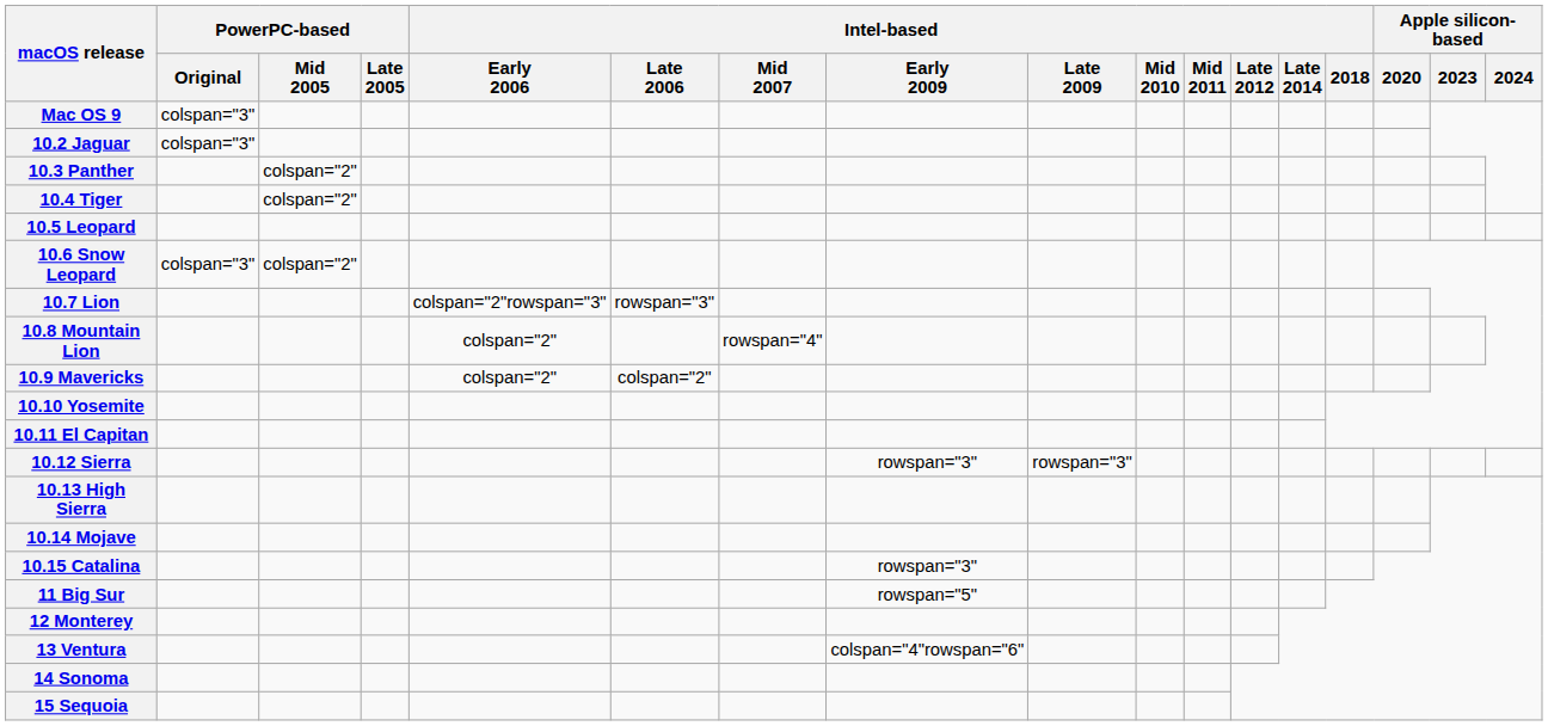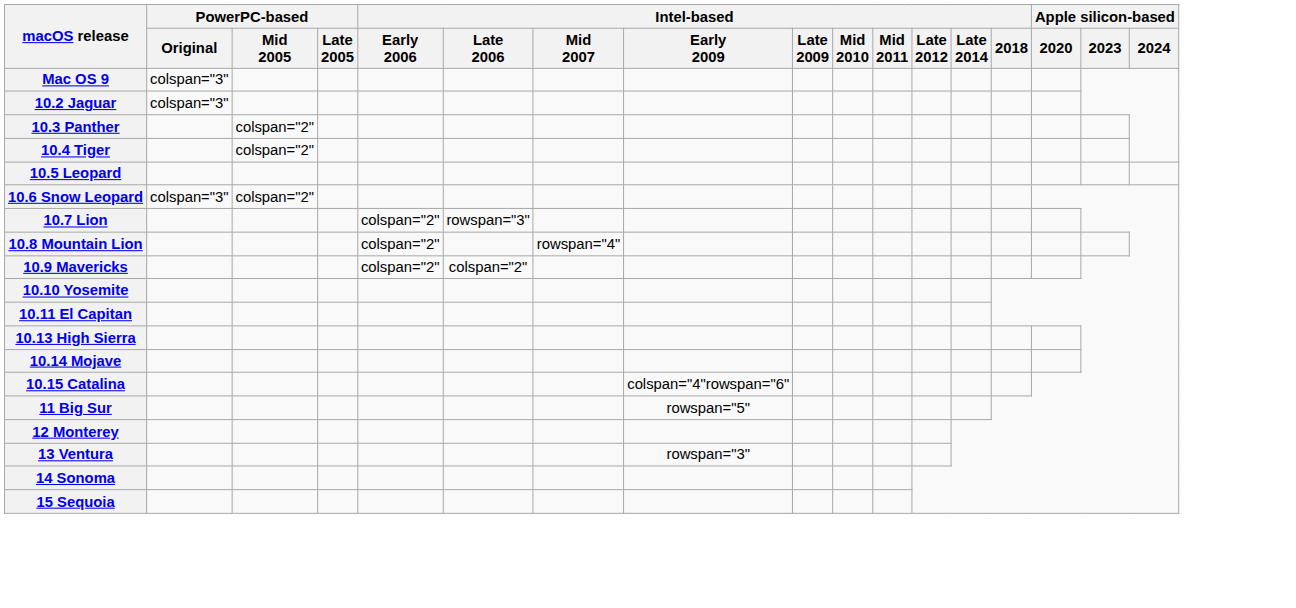 <table class="wikitable sortable sticky-header-multi" style="font-size:90%; text-align:center">
 <tr>
 <th rowspan="2" class="unsortable"><a href='#'>macOS</a> release</th>
 <th colspan="3">PowerPC-based</th>
 <th colspan="10">Intel-based</th>
 <th colspan="3">Apple silicon-based</th>
 </tr>
 <tr>
 <th class="unsortable">Original</th>
 <th class="unsortable">Mid<br>2005</th>
 <th class="unsortable">Late<br>2005</th>
 <th class="unsortable">Early<br>2006</th>
 <th class="unsortable">Late<br>2006</th>
 <th class="unsortable">Mid<br>2007</th>
 <th class="unsortable">Early<br>2009</th>
 <th class="unsortable">Late<br>2009</th>
 <th class="unsortable">Mid<br>2010</th>
 <th class="unsortable">Mid<br>2011</th>
 <th class="unsortable">Late<br>2012</th>
 <th class="unsortable">Late<br>2014</th>
 <th class="unsortable">2018</th>
 <th class="unsortable">2020</th>
 <th class="unsortable">2023</th>
 <th class="unsortable">2024</th>
 </tr>
 <tr>
 <th><a href='#'>Mac OS 9</a></th>
 <td>colspan="3"</td>
 <td></td>
 <td></td>
 <td></td>
 <td></td>
 <td></td>
 <td></td>
 <td></td>
 <td></td>
 <td></td>
 <td></td>
 <td></td>
 <td></td>
 <td></td>
 </tr>
 <tr>
 <th><a href='#'>10.2 Jaguar</a></th>
 <td>colspan="3"</td>
 <td></td>
 <td></td>
 <td></td>
 <td></td>
 <td></td>
 <td></td>
 <td></td>
 <td></td>
 <td></td>
 <td></td>
 <td></td>
 <td></td>
 <td></td>
 </tr>
 <tr>
 <th><a href='#'>10.3 Panther</a></th>
 <td></td>
 <td>colspan="2"</td>
 <td></td>
 <td></td>
 <td></td>
 <td></td>
 <td></td>
 <td></td>
 <td></td>
 <td></td>
 <td></td>
 <td></td>
 <td></td>
 <td></td>
 <td></td>
 </tr>
 <tr>
 <th><a href='#'>10.4 Tiger</a></th>
 <td></td>
 <td>colspan="2"</td>
 <td></td>
 <td></td>
 <td></td>
 <td></td>
 <td></td>
 <td></td>
 <td></td>
 <td></td>
 <td></td>
 <td></td>
 <td></td>
 <td></td>
 <td></td>
 </tr>
 <tr>
 <th><a href='#'>10.5 Leopard</a></th>
 <td></td>
 <td></td>
 <td></td>
 <td></td>
 <td></td>
 <td></td>
 <td></td>
 <td></td>
 <td></td>
 <td></td>
 <td></td>
 <td></td>
 <td></td>
 <td></td>
 <td></td>
 <td></td>
 </tr>
 <tr>
 <th><a href='#'>10.6 Snow Leopard</a></th>
 <td>colspan="3"</td>
 <td>colspan="2"</td>
 <td></td>
 <td></td>
 <td></td>
 <td></td>
 <td></td>
 <td></td>
 <td></td>
 <td></td>
 <td></td>
 <td></td>
 <td></td>
 </tr>
 <tr>
 <th><a href='#'>10.7 Lion</a></th>
 <td></td>
 <td></td>
 <td></td>
-<td>colspan="2"rowspan="3"</td>
+<td>colspan="2"</td>
 <td>rowspan="3"</td>
 <td></td>
 <td></td>
 <td></td>
 <td></td>
 <td></td>
 <td></td>
 <td></td>
 <td></td>
 <td></td>
 </tr>
 <tr>
 <th><a href='#'>10.8 Mountain Lion</a></th>
 <td></td>
 <td></td>
 <td></td>
 <td>colspan="2"</td>
 <td></td>
 <td>rowspan="4"</td>
 <td></td>
 <td></td>
 <td></td>
 <td></td>
 <td></td>
 <td></td>
 <td></td>
 <td></td>
 <td></td>
 </tr>
 <tr>
 <th><a href='#'>10.9 Mavericks</a></th>
 <td></td>
 <td></td>
 <td></td>
 <td>colspan="2"</td>
 <td>colspan="2" </td>
 <td></td>
 <td></td>
 <td></td>
 <td></td>
 <td></td>
 <td></td>
 <td></td>
 <td></td>
 <td></td>
 </tr>
 <tr>
 <th><a href='#'>10.10 Yosemite</a></th>
 <td></td>
 <td></td>
 <td></td>
 <td></td>
 <td></td>
 <td></td>
 <td></td>
 <td></td>
 <td></td>
 <td></td>
 <td></td>
 <td></td>
 </tr>
 <tr>
 <th><a href='#'>10.11 El Capitan</a></th>
 <td></td>
 <td></td>
 <td></td>
 <td></td>
 <td></td>
 <td></td>
 <td></td>
 <td></td>
 <td></td>
 <td></td>
 <td></td>
 <td></td>
 </tr>
 <tr>
-<th><a href='#'>10.12 Sierra</a></th>
-<td></td>
-<td></td>
-<td></td>
-<td></td>
-<td></td>
-<td></td>
-<td>rowspan="3"</td>
-<td>rowspan="3"</td>
-<td></td>
-<td></td>
-<td></td>
-<td></td>
-<td></td>
-<td></td>
-<td></td>
-<td></td>
-</tr>
-<tr>
 <th><a href='#'>10.13 High Sierra</a></th>
 <td></td>
 <td></td>
 <td></td>
 <td></td>
 <td></td>
 <td></td>
 <td></td>
 <td></td>
 <td></td>
 <td></td>
 <td></td>
 <td></td>
 <td></td>
 <td></td>
 </tr>
 <tr>
 <th><a href='#'>10.14 Mojave</a></th>
 <td></td>
 <td></td>
 <td></td>
 <td></td>
 <td></td>
 <td></td>
 <td></td>
 <td></td>
 <td></td>
 <td></td>
 <td></td>
 <td></td>
 <td></td>
 <td></td>
 </tr>
 <tr>
 <th><a href='#'>10.15 Catalina</a></th>
 <td></td>
 <td></td>
 <td></td>
 <td></td>
 <td></td>
 <td></td>
-<td>rowspan="3" </td>
+<td>colspan="4"rowspan="6"</td>
 <td></td>
 <td></td>
 <td></td>
 <td></td>
 <td></td>
 <td></td>
 </tr>
 <tr>
 <th><a href='#'>11 Big Sur</a></th>
 <td></td>
 <td></td>
 <td></td>
 <td></td>
 <td></td>
 <td></td>
 <td>rowspan="5"</td>
 <td></td>
 <td></td>
 <td></td>
 <td></td>
 <td></td>
 </tr>
 <tr>
 <th><a href='#'>12 Monterey</a></th>
 <td></td>
 <td></td>
 <td></td>
 <td></td>
 <td></td>
 <td></td>
 <td></td>
 <td></td>
 <td></td>
 <td></td>
 <td></td>
 </tr>
 <tr>
 <th><a href='#'>13 Ventura</a></th>
 <td></td>
 <td></td>
 <td></td>
 <td></td>
 <td></td>
 <td></td>
-<td>colspan="4"rowspan="6"</td>
+<td>rowspan="3" </td>
 <td></td>
 <td></td>
 <td></td>
 <td></td>
 </tr>
 <tr>
 <th><a href='#'>14 Sonoma</a></th>
 <td></td>
 <td></td>
 <td></td>
 <td></td>
 <td></td>
 <td></td>
 <td></td>
 <td></td>
 <td></td>
 <td></td>
 </tr>
 <tr>
 <th><a href='#'>15 Sequoia</a></th>
 <td></td>
 <td></td>
 <td></td>
 <td></td>
 <td></td>
 <td></td>
 <td></td>
 <td></td>
 <td></td>
 <td></td>
 </tr>
 </table>
